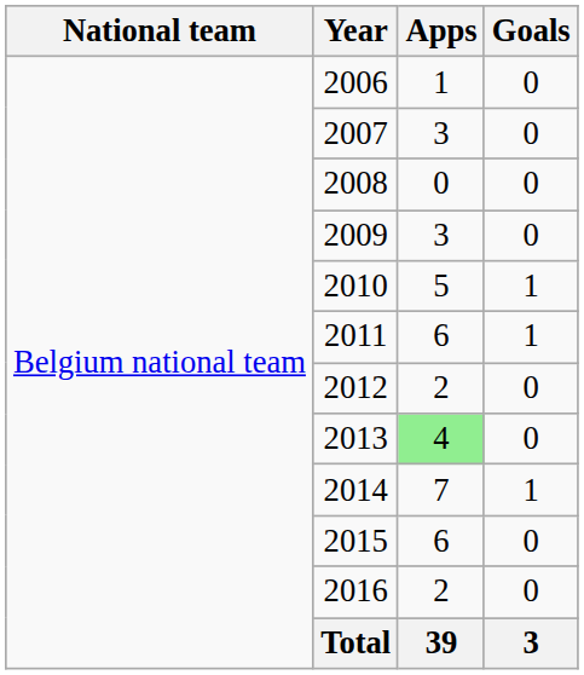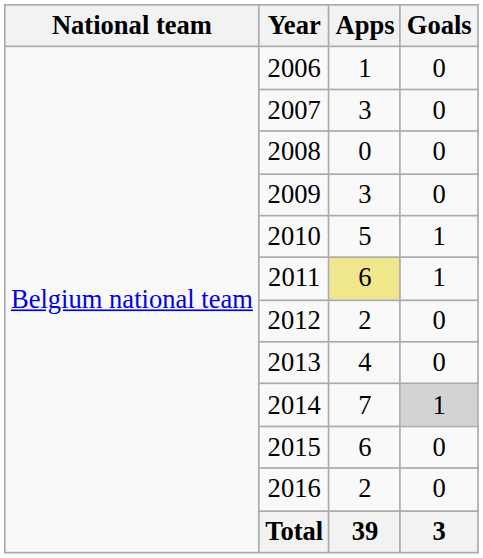 <table class="wikitable" style="text-align:center">
 <tr>
 <th>National team</th>
 <th>Year</th>
 <th>Apps</th>
 <th>Goals</th>
 </tr>
 <tr>
 <td rowspan="12"><a href='#'>Belgium national team</a></td>
 <td>2006</td>
 <td>1</td>
 <td>0</td>
 </tr>
 <tr>
 <td>2007</td>
 <td>3</td>
 <td>0</td>
 </tr>
 <tr>
 <td>2008</td>
 <td>0</td>
 <td>0</td>
 </tr>
 <tr>
 <td>2009</td>
 <td>3</td>
 <td>0</td>
 </tr>
 <tr>
 <td>2010</td>
 <td>5</td>
 <td>1</td>
 </tr>
 <tr>
 <td>2011</td>
-<td>6</td>
+<td style="background: khaki;">6</td>
 <td>1</td>
 </tr>
 <tr>
 <td>2012</td>
 <td>2</td>
 <td>0</td>
 </tr>
 <tr>
 <td>2013</td>
-<td style="background: lightgreen;">4</td>
+<td>4</td>
 <td>0</td>
 </tr>
 <tr>
 <td>2014</td>
 <td>7</td>
-<td>1</td>
+<td style="background: lightgrey;">1</td>
 </tr>
 <tr>
 <td>2015</td>
 <td>6</td>
 <td>0</td>
 </tr>
 <tr>
 <td>2016</td>
 <td>2</td>
 <td>0</td>
 </tr>
 <tr>
 <th>Total</th>
 <th>39</th>
 <th>3</th>
 </tr>
 </table>
